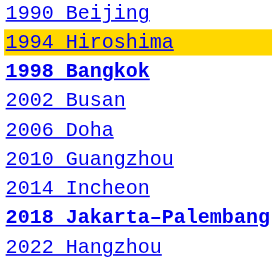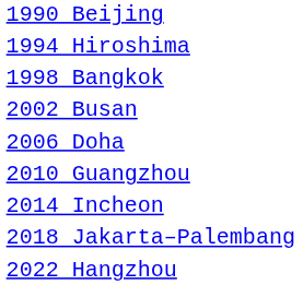 <table>
 <tr>
 <td><a href='#'>1990 Beijing</a></td>
 <td></td>
 <td></td>
 <td></td>
 </tr>
 <tr>
-<td style="background: gold;"><a href='#'>1994 Hiroshima</a></td>
+<td><a href='#'>1994 Hiroshima</a></td>
 <td></td>
 <td></td>
 <td></td>
 </tr>
 <tr>
-<td><strong><a href='#'>1998 Bangkok</a></strong></td>
+<td><a href='#'>1998 Bangkok</a></td>
 <td></td>
 <td></td>
 <td></td>
 </tr>
 <tr>
 <td><a href='#'>2002 Busan</a></td>
 <td></td>
 <td></td>
 <td></td>
 </tr>
 <tr>
 <td><a href='#'>2006 Doha</a></td>
 <td></td>
 <td></td>
 <td></td>
 </tr>
 <tr>
 <td rowspan=2><a href='#'>2010 Guangzhou</a></td>
 <td rowspan=2></td>
 <td rowspan=2></td>
 <td></td>
 </tr>
 <tr>
 <td></td>
 </tr>
 <tr>
 <td><a href='#'>2014 Incheon</a></td>
 <td></td>
 <td></td>
 <td></td>
 </tr>
 <tr>
-<td><strong><a href='#'>2018 Jakarta–Palembang</a></strong></td>
+<td><a href='#'>2018 Jakarta–Palembang</a></td>
 <td></td>
 <td></td>
 <td></td>
 </tr>
 <tr>
 <td><a href='#'>2022 Hangzhou</a></td>
 <td></td>
 <td></td>
 <td></td>
 </tr>
 </table>
